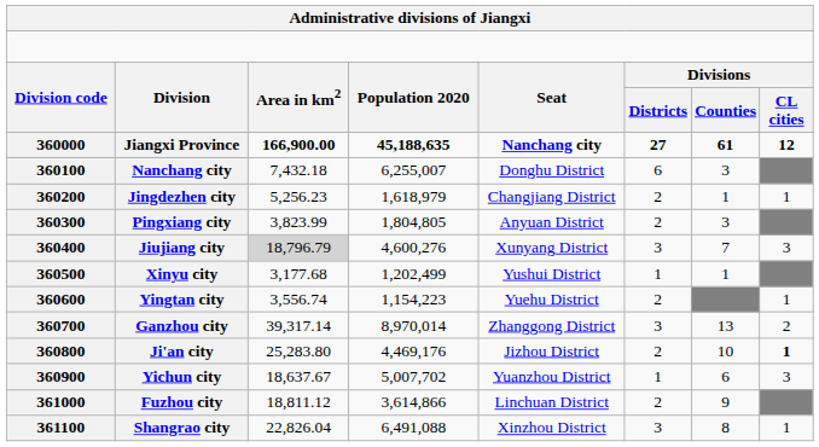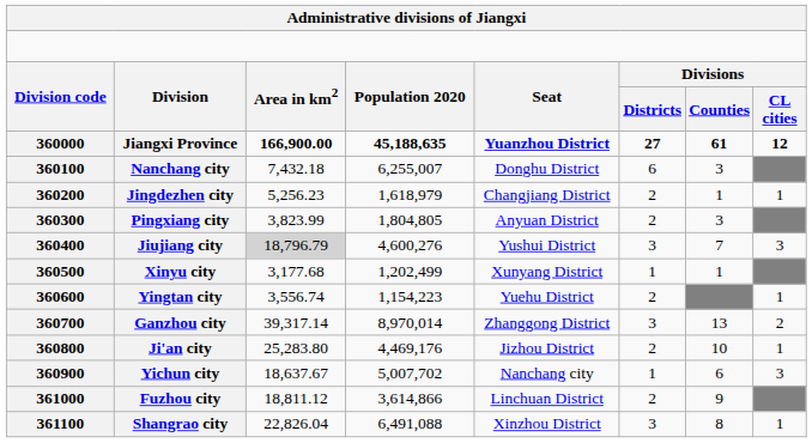 <table class="wikitable" style="margin:1em auto 1em auto; width:90%; text-align:center">
 <tr>
 <th colspan="9">Administrative divisions of Jiangxi</th>
 </tr>
 <tr>
 <td colspan="9" style="font-size:larger"><div><br>             </div></td>
 </tr>
 <tr>
 <th ! scope="col" rowspan="2"><a href='#'>Division code</a></th>
 <th ! scope="col" rowspan="2">Division</th>
 <th ! scope="col" rowspan="2">Area in km<sup>2</sup></th>
 <th ! scope="col" rowspan="2">Population 2020</th>
 <th ! scope="col" rowspan="2">Seat</th>
 <th ! scope="col" colspan="3">Divisions</th>
 </tr>
 <tr>
 <th ! scope="col" width="45"><a href='#'>Districts</a></th>
 <th ! scope="col" width="45"><a href='#'>Counties</a></th>
 <th ! scope="col" width="45"><a href='#'>CL cities</a></th>
 </tr>
 <tr style="font-weight: bold">
 <th>360000</th>
 <th>Jiangxi Province</th>
 <td>166,900.00</td>
 <td>45,188,635</td>
-<td><a href='#'>Nanchang</a> city</td>
+<td><a href='#'>Yuanzhou District</a></td>
 <td>27</td>
 <td>61</td>
 <td>12</td>
 </tr>
 <tr>
 <th>360100</th>
 <th><a href='#'>Nanchang</a> city</th>
 <td>7,432.18</td>
 <td>6,255,007</td>
 <td><a href='#'>Donghu District</a></td>
 <td>6</td>
 <td>3</td>
 <td bgcolor="grey"></td>
 </tr>
 <tr>
 <th>360200</th>
 <th><a href='#'>Jingdezhen</a> city</th>
 <td>5,256.23</td>
 <td>1,618,979</td>
 <td><a href='#'>Changjiang District</a></td>
 <td>2</td>
 <td>1</td>
 <td>1</td>
 </tr>
 <tr>
 <th>360300</th>
 <th><a href='#'>Pingxiang</a> city</th>
 <td>3,823.99</td>
 <td>1,804,805</td>
 <td><a href='#'>Anyuan District</a></td>
 <td>2</td>
 <td>3</td>
 <td bgcolor="grey"></td>
 </tr>
 <tr>
 <th>360400</th>
 <th><a href='#'>Jiujiang</a> city</th>
 <td style="background: lightgrey;">18,796.79</td>
 <td>4,600,276</td>
-<td><a href='#'>Xunyang District</a></td>
+<td><a href='#'>Yushui District</a></td>
 <td>3</td>
 <td>7</td>
 <td>3</td>
 </tr>
 <tr>
 <th>360500</th>
 <th><a href='#'>Xinyu</a> city</th>
 <td>3,177.68</td>
 <td>1,202,499</td>
-<td><a href='#'>Yushui District</a></td>
+<td><a href='#'>Xunyang District</a></td>
 <td>1</td>
 <td>1</td>
 <td bgcolor="grey"></td>
 </tr>
 <tr>
 <th>360600</th>
 <th><a href='#'>Yingtan</a> city</th>
 <td>3,556.74</td>
 <td>1,154,223</td>
 <td><a href='#'>Yuehu District</a></td>
 <td>2</td>
 <td bgcolor="grey"></td>
 <td>1</td>
 </tr>
 <tr>
 <th>360700</th>
 <th><a href='#'>Ganzhou</a> city</th>
 <td>39,317.14</td>
 <td>8,970,014</td>
 <td><a href='#'>Zhanggong District</a></td>
 <td>3</td>
 <td>13</td>
 <td>2</td>
 </tr>
 <tr>
 <th>360800</th>
 <th><a href='#'>Ji'an</a> city</th>
 <td>25,283.80</td>
 <td>4,469,176</td>
 <td><a href='#'>Jizhou District</a></td>
 <td>2</td>
 <td>10</td>
-<td><strong>1</strong></td>
+<td>1</td>
 </tr>
 <tr>
 <th>360900</th>
 <th><a href='#'>Yichun</a> city</th>
 <td>18,637.67</td>
 <td>5,007,702</td>
-<td><a href='#'>Yuanzhou District</a></td>
+<td><a href='#'>Nanchang</a> city</td>
 <td>1</td>
 <td>6</td>
 <td>3</td>
 </tr>
 <tr>
 <th>361000</th>
 <th><a href='#'>Fuzhou</a> city</th>
 <td>18,811.12</td>
 <td>3,614,866</td>
 <td><a href='#'>Linchuan District</a></td>
 <td>2</td>
 <td>9</td>
 <td bgcolor="grey"></td>
 </tr>
 <tr>
 <th>361100</th>
 <th><a href='#'>Shangrao</a> city</th>
 <td>22,826.04</td>
 <td>6,491,088</td>
 <td><a href='#'>Xinzhou District</a></td>
 <td>3</td>
 <td>8</td>
 <td>1</td>
 </tr>
 </table>
